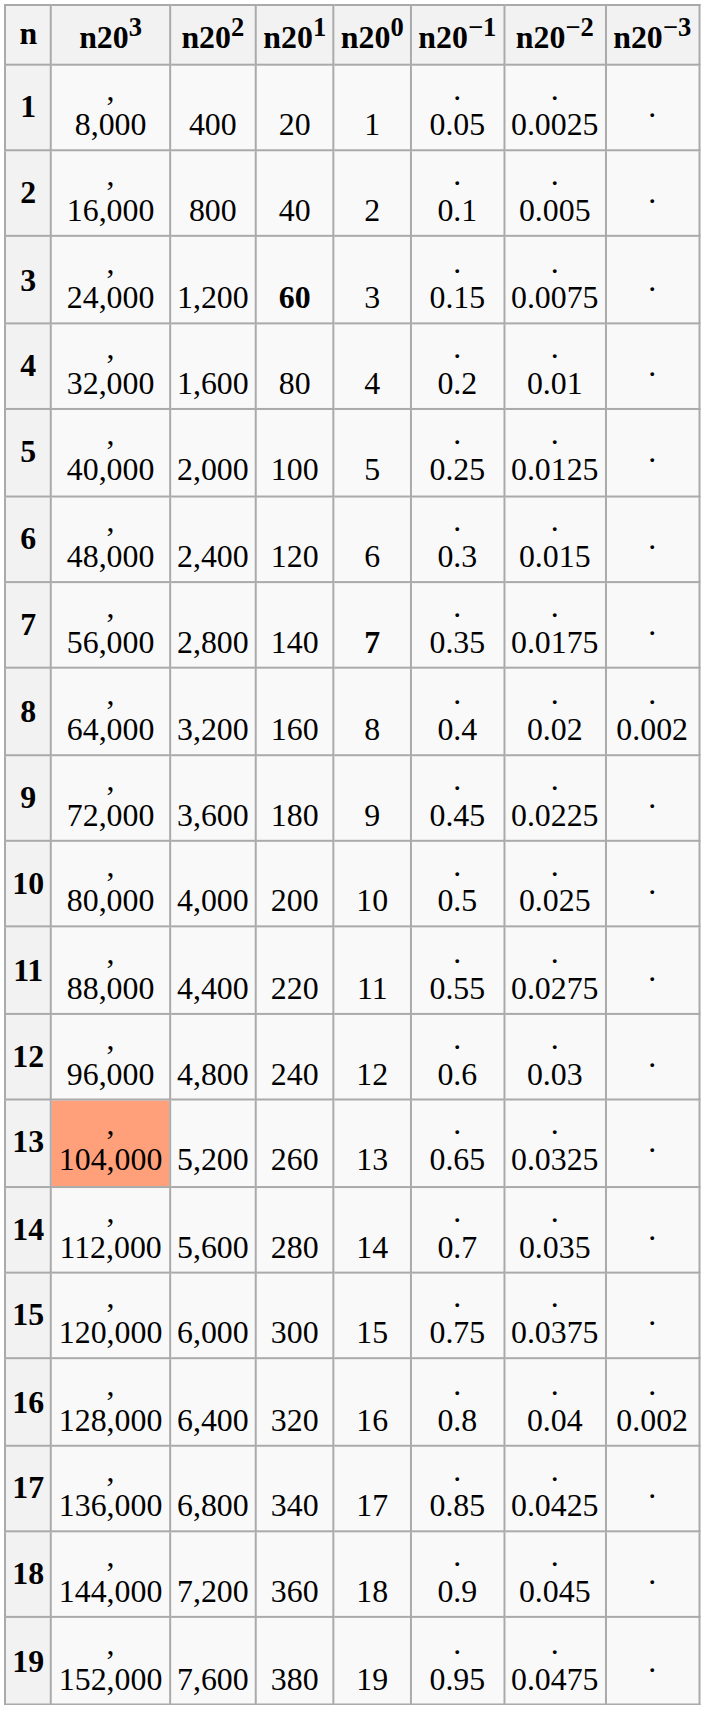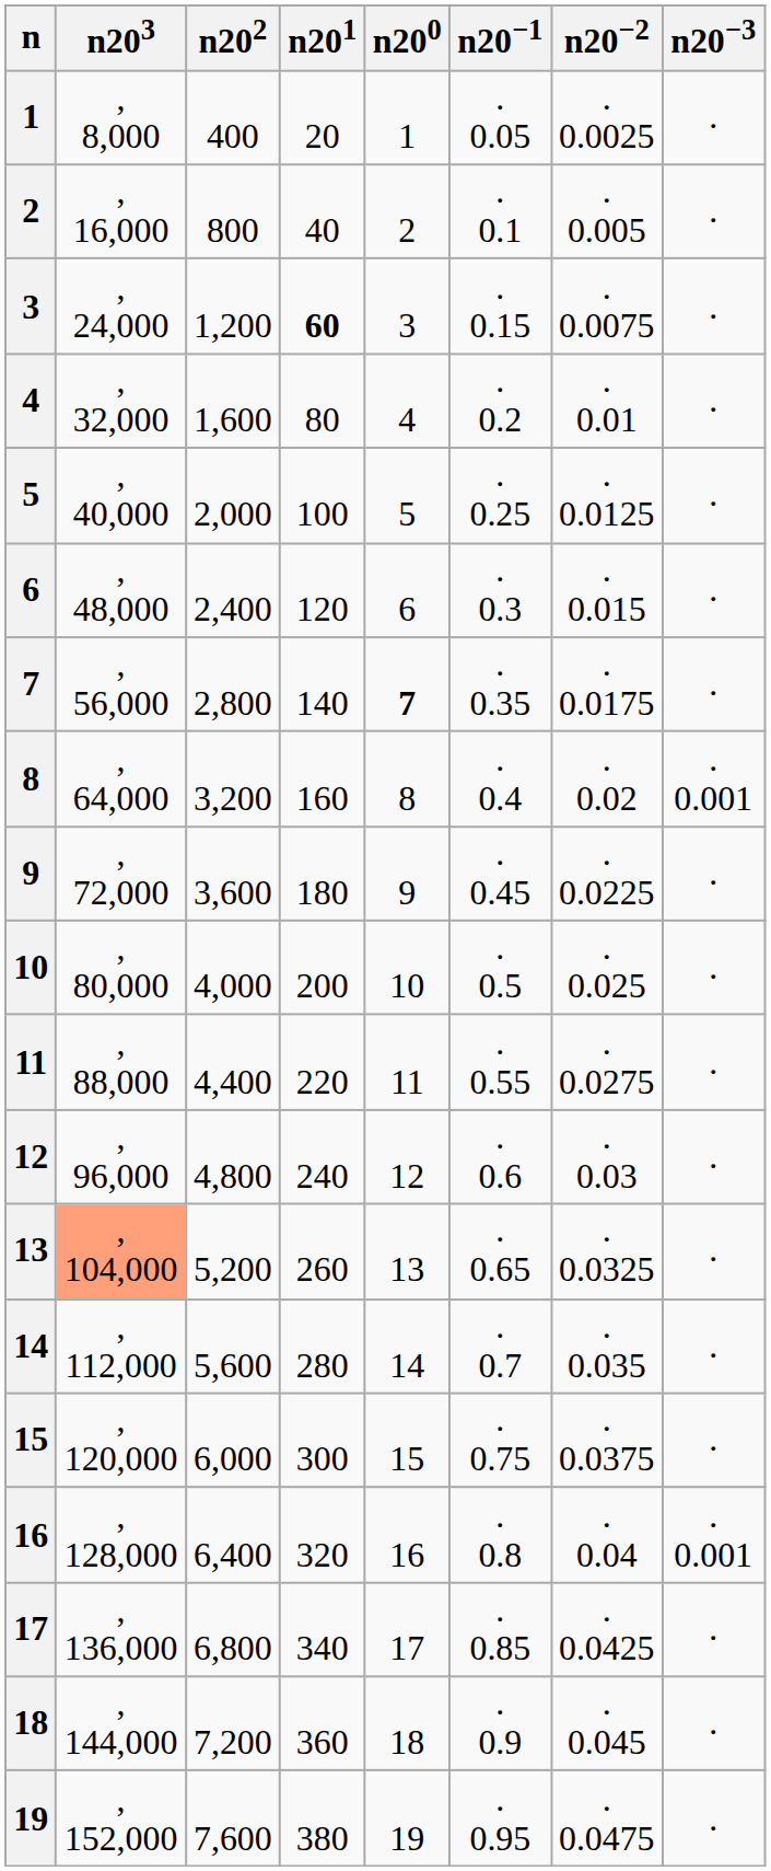 <table class="wikitable" style="text-align:center;">
 <tr>
 <th>n</th>
 <th>n20<sup>3</sup></th>
 <th>n20<sup>2</sup></th>
 <th>n20<sup>1</sup></th>
 <th>n20<sup>0</sup></th>
 <th>n20<sup>−1</sup></th>
 <th>n20<sup>−2</sup></th>
 <th>n20<sup>−3</sup></th>
 </tr>
 <tr>
 <th>1</th>
 <td>,<br>8,000</td>
 <td><br>400</td>
 <td><br>20</td>
 <td><br>1</td>
 <td>.<br>0.05</td>
 <td>.<br>0.0025</td>
 <td>.<br></td>
 </tr>
 <tr>
 <th>2</th>
 <td>,<br>16,000</td>
 <td><br>800</td>
 <td><br>40</td>
 <td><br>2</td>
 <td>.<br>0.1</td>
 <td>.<br>0.005</td>
 <td>.<br></td>
 </tr>
 <tr>
 <th>3</th>
 <td>,<br>24,000</td>
 <td><br>1,200</td>
 <td><strong><br>60</strong></td>
 <td><br>3</td>
 <td>.<br>0.15</td>
 <td>.<br>0.0075</td>
 <td>.<br></td>
 </tr>
 <tr>
 <th>4</th>
 <td>,<br>32,000</td>
 <td><br>1,600</td>
 <td><br>80</td>
 <td><br>4</td>
 <td>.<br>0.2</td>
 <td>.<br>0.01</td>
 <td>.<br></td>
 </tr>
 <tr>
 <th>5</th>
 <td>,<br>40,000</td>
 <td><br>2,000</td>
 <td><br>100</td>
 <td><br>5</td>
 <td>.<br>0.25</td>
 <td>.<br>0.0125</td>
 <td>.<br></td>
 </tr>
 <tr>
 <th>6</th>
 <td>,<br>48,000</td>
 <td><br>2,400</td>
 <td><br>120</td>
 <td><br>6</td>
 <td>.<br>0.3</td>
 <td>.<br>0.015</td>
 <td>.<br></td>
 </tr>
 <tr>
 <th>7</th>
 <td>,<br>56,000</td>
 <td><br>2,800</td>
 <td><br>140</td>
 <td><strong><br>7</strong></td>
 <td>.<br>0.35</td>
 <td>.<br>0.0175</td>
 <td>.<br></td>
 </tr>
 <tr>
 <th>8</th>
 <td>,<br>64,000</td>
 <td><br>3,200</td>
 <td><br>160</td>
 <td><br>8</td>
 <td>.<br>0.4</td>
 <td>.<br>0.02</td>
-<td>.<br>0.002</td>
+<td>.<br>0.001</td>
 </tr>
 <tr>
 <th>9</th>
 <td>,<br>72,000</td>
 <td><br>3,600</td>
 <td><br>180</td>
 <td><br>9</td>
 <td>.<br>0.45</td>
 <td>.<br>0.0225</td>
 <td>.<br></td>
 </tr>
 <tr>
 <th>10</th>
 <td>,<br>80,000</td>
 <td><br>4,000</td>
 <td><br>200</td>
 <td><br>10</td>
 <td>.<br>0.5</td>
 <td>.<br>0.025</td>
 <td>.<br></td>
 </tr>
 <tr>
 <th>11</th>
 <td>,<br>88,000</td>
 <td><br>4,400</td>
 <td><br>220</td>
 <td><br>11</td>
 <td>.<br>0.55</td>
 <td>.<br>0.0275</td>
 <td>.<br></td>
 </tr>
 <tr>
 <th>12</th>
 <td>,<br>96,000</td>
 <td><br>4,800</td>
 <td><br>240</td>
 <td><br>12</td>
 <td>.<br>0.6</td>
 <td>.<br>0.03</td>
 <td>.<br></td>
 </tr>
 <tr>
 <th>13</th>
 <td style="background: lightsalmon;">,<br>104,000</td>
 <td><br>5,200</td>
 <td><br>260</td>
 <td><br>13</td>
 <td>.<br>0.65</td>
 <td>.<br>0.0325</td>
 <td>.<br></td>
 </tr>
 <tr>
 <th>14</th>
 <td>,<br>112,000</td>
 <td><br>5,600</td>
 <td><br>280</td>
 <td><br>14</td>
 <td>.<br>0.7</td>
 <td>.<br>0.035</td>
 <td>.<br></td>
 </tr>
 <tr>
 <th>15</th>
 <td>,<br>120,000</td>
 <td><br>6,000</td>
 <td><br>300</td>
 <td><br>15</td>
 <td>.<br>0.75</td>
 <td>.<br>0.0375</td>
 <td>.<br></td>
 </tr>
 <tr>
 <th>16</th>
 <td>,<br>128,000</td>
 <td><br>6,400</td>
 <td><br>320</td>
 <td><br>16</td>
 <td>.<br>0.8</td>
 <td>.<br>0.04</td>
-<td>.<br>0.002</td>
+<td>.<br>0.001</td>
 </tr>
 <tr>
 <th>17</th>
 <td>,<br>136,000</td>
 <td><br>6,800</td>
 <td><br>340</td>
 <td><br>17</td>
 <td>.<br>0.85</td>
 <td>.<br>0.0425</td>
 <td>.<br></td>
 </tr>
 <tr>
 <th>18</th>
 <td>,<br>144,000</td>
 <td><br>7,200</td>
 <td><br>360</td>
 <td><br>18</td>
 <td>.<br>0.9</td>
 <td>.<br>0.045</td>
 <td>.<br></td>
 </tr>
 <tr>
 <th>19</th>
 <td>,<br>152,000</td>
 <td><br>7,600</td>
 <td><br>380</td>
 <td><br>19</td>
 <td>.<br>0.95</td>
 <td>.<br>0.0475</td>
 <td>.<br></td>
 </tr>
 </table>
